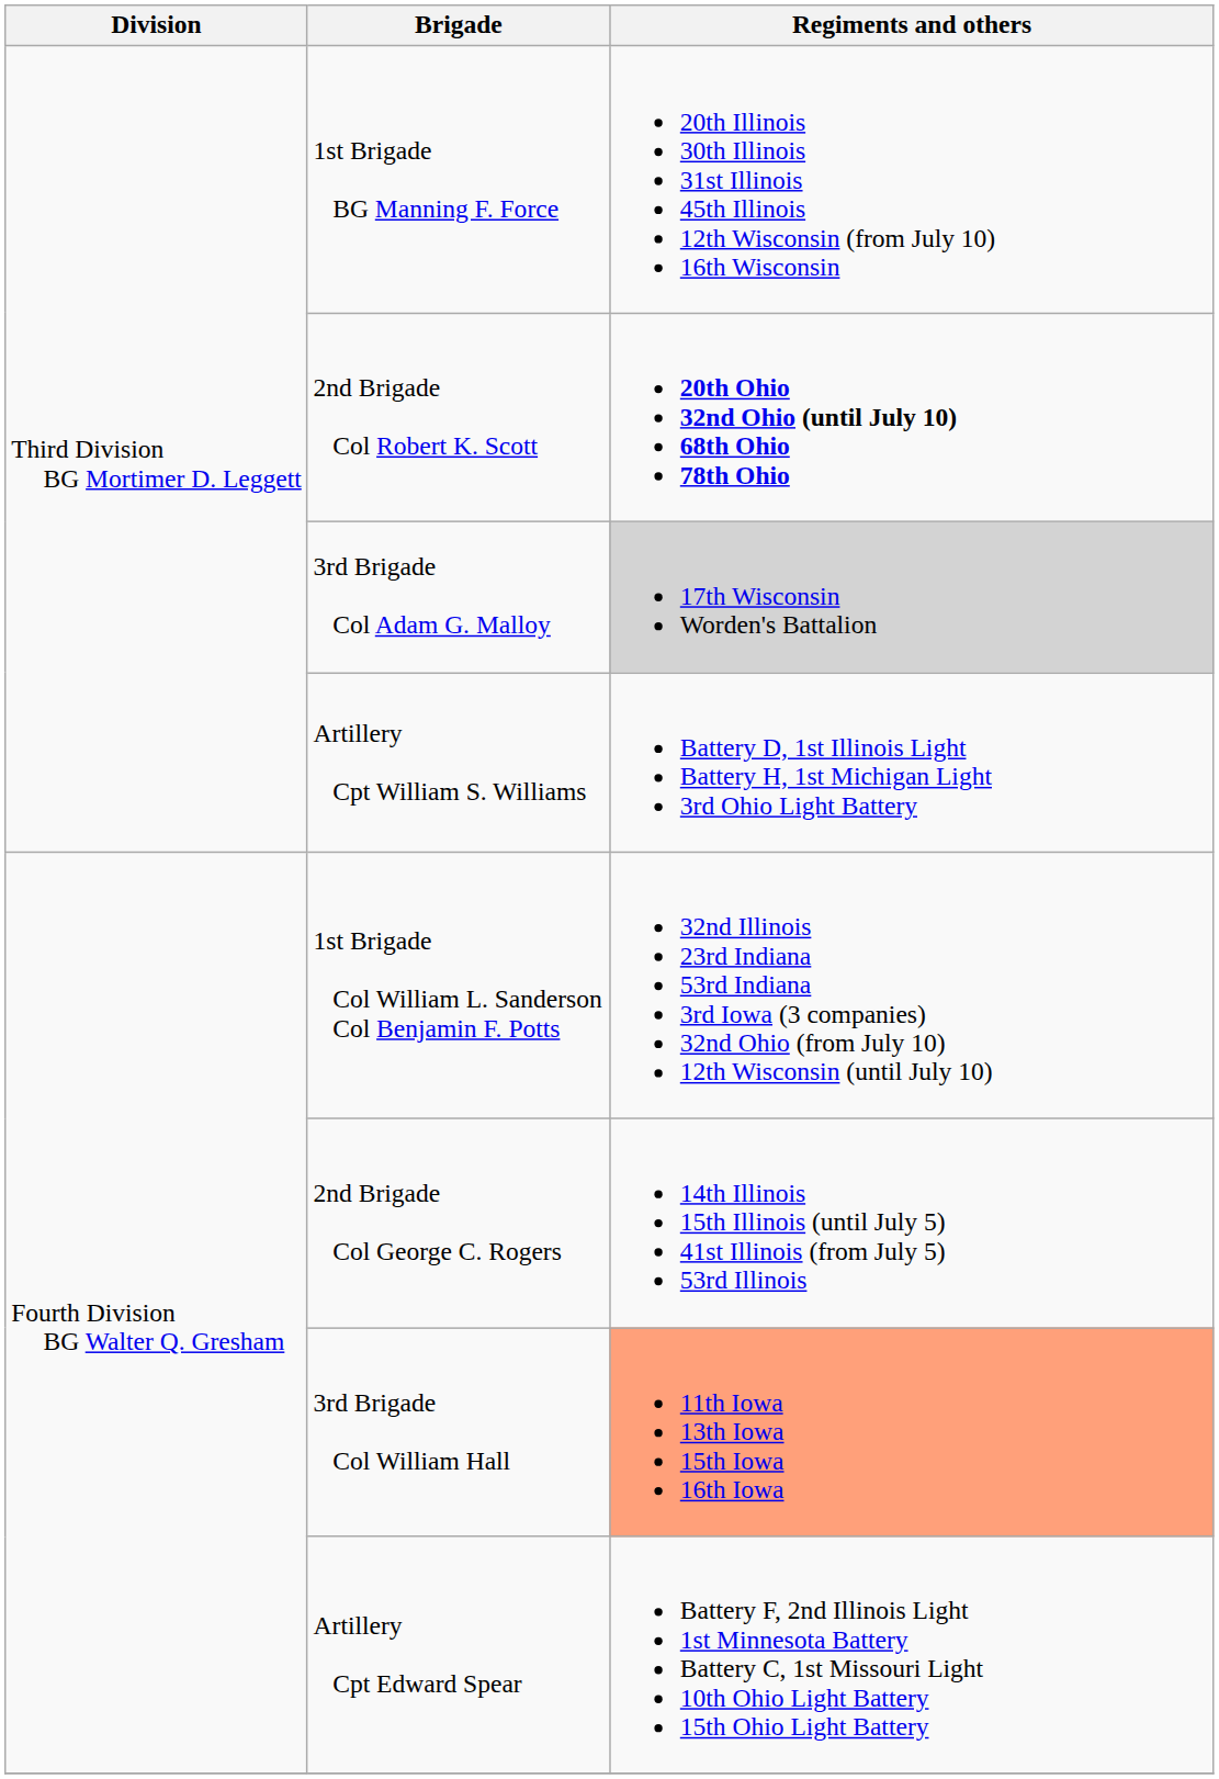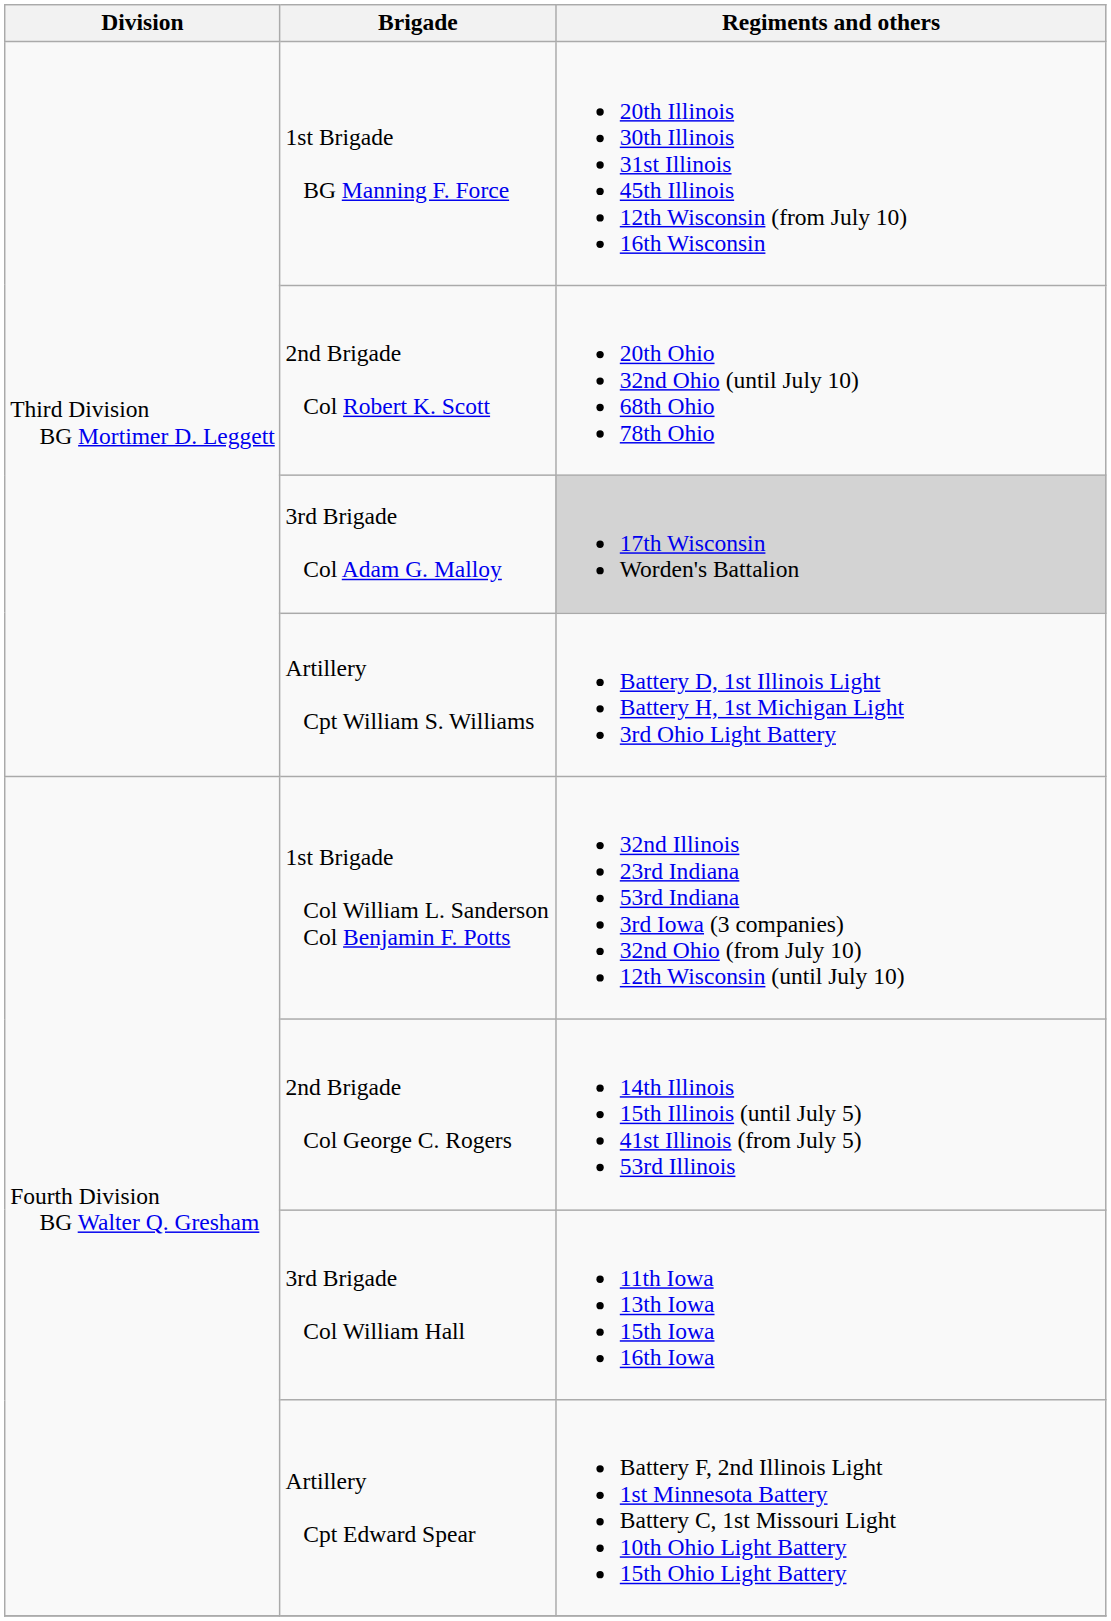 <table class="wikitable">
 <tr>
 <th width=25%>Division</th>
 <th width=25%>Brigade</th>
 <th>Regiments and others</th>
 </tr>
 <tr>
 <td rowspan=4><br>Third Division <br>     BG <a href='#'>Mortimer D. Leggett</a><br></td>
 <td>1st Brigade<br><br>   BG <a href='#'>Manning F. Force</a></td>
 <td><br><ul><li><a href='#'>20th Illinois</a></li><li><a href='#'>30th Illinois</a></li><li><a href='#'>31st Illinois</a></li><li><a href='#'>45th Illinois</a></li><li><a href='#'>12th Wisconsin</a> (from July 10)</li><li><a href='#'>16th Wisconsin</a></li></ul></td>
 </tr>
 <tr>
 <td>2nd Brigade<br><br>   Col <a href='#'>Robert K. Scott</a></td>
-<td><strong><br><ul><li><a href='#'>20th Ohio</a></li><li><a href='#'>32nd Ohio</a> (until July 10)</li><li><a href='#'>68th Ohio</a></li><li><a href='#'>78th Ohio</a></li></ul></strong></td>
+<td><br><ul><li><a href='#'>20th Ohio</a></li><li><a href='#'>32nd Ohio</a> (until July 10)</li><li><a href='#'>68th Ohio</a></li><li><a href='#'>78th Ohio</a></li></ul></td>
 </tr>
 <tr>
 <td>3rd Brigade<br><br>   Col <a href='#'>Adam G. Malloy</a></td>
 <td style="background: lightgrey;"><br><ul><li><a href='#'>17th Wisconsin</a></li><li>Worden's Battalion</li></ul></td>
 </tr>
 <tr>
 <td>Artillery<br><br>   Cpt William S. Williams</td>
 <td><br><ul><li><a href='#'>Battery D, 1st Illinois Light</a></li><li><a href='#'>Battery H, 1st Michigan Light</a></li><li><a href='#'>3rd Ohio Light Battery</a></li></ul></td>
 </tr>
 <tr>
 <td rowspan=4><br>Fourth Division <br>     BG <a href='#'>Walter Q. Gresham</a></td>
 <td>1st Brigade<br><br>   Col William L. Sanderson<br>   Col <a href='#'>Benjamin F. Potts</a></td>
 <td><br><ul><li><a href='#'>32nd Illinois</a></li><li><a href='#'>23rd Indiana</a></li><li><a href='#'>53rd Indiana</a></li><li><a href='#'>3rd Iowa</a> (3 companies)</li><li><a href='#'>32nd Ohio</a> (from July 10)</li><li><a href='#'>12th Wisconsin</a> (until July 10)</li></ul></td>
 </tr>
 <tr>
 <td>2nd Brigade<br><br>   Col George C. Rogers</td>
 <td><br><ul><li><a href='#'>14th Illinois</a></li><li><a href='#'>15th Illinois</a> (until July 5)</li><li><a href='#'>41st Illinois</a> (from July 5)</li><li><a href='#'>53rd Illinois</a></li></ul></td>
 </tr>
 <tr>
 <td>3rd Brigade<br><br>   Col William Hall</td>
-<td style="background: lightsalmon;"><br><ul><li><a href='#'>11th Iowa</a></li><li><a href='#'>13th Iowa</a></li><li><a href='#'>15th Iowa</a></li><li><a href='#'>16th Iowa</a></li></ul></td>
+<td><br><ul><li><a href='#'>11th Iowa</a></li><li><a href='#'>13th Iowa</a></li><li><a href='#'>15th Iowa</a></li><li><a href='#'>16th Iowa</a></li></ul></td>
 </tr>
 <tr>
 <td>Artillery<br><br>   Cpt Edward Spear</td>
 <td><br><ul><li>Battery F, 2nd Illinois Light</li><li><a href='#'>1st Minnesota Battery</a></li><li>Battery C, 1st Missouri Light</li><li><a href='#'>10th Ohio Light Battery</a></li><li><a href='#'>15th Ohio Light Battery</a></li></ul></td>
 </tr>
 <tr>
 </tr>
 </table>
